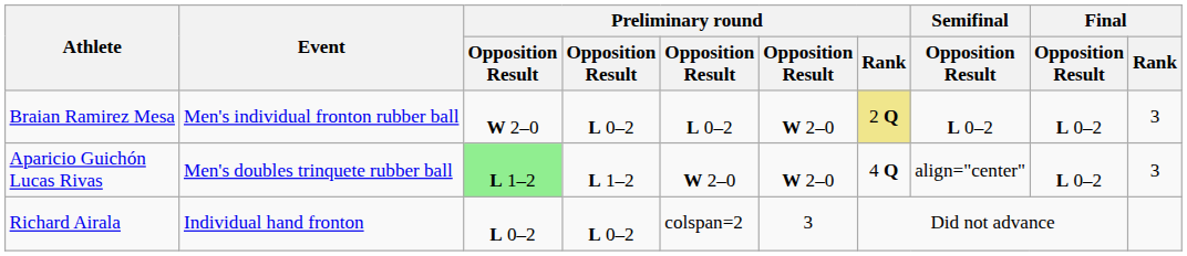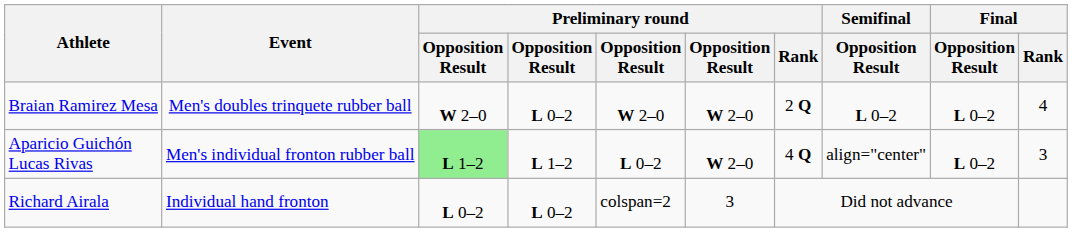 <table class="wikitable" style="font-size:90%">
 <tr>
 <th rowspan="2">Athlete</th>
 <th rowspan="2">Event</th>
 <th colspan="5">Preliminary round</th>
 <th>Semifinal</th>
 <th colspan=2>Final</th>
 </tr>
 <tr>
 <th>Opposition<br>Result</th>
 <th>Opposition<br>Result</th>
 <th>Opposition<br>Result</th>
 <th>Opposition<br>Result</th>
 <th>Rank</th>
 <th>Opposition<br>Result</th>
 <th>Opposition<br>Result</th>
 <th>Rank</th>
 </tr>
 <tr style="text-align:center">
 <td align="center"><a href='#'>Braian Ramirez Mesa</a></td>
-<td><a href='#'>Men's individual fronton rubber ball</a></td>
+<td><a href='#'>Men's doubles trinquete rubber ball</a></td>
 <td align="center"><br><strong>W</strong> 2–0</td>
 <td align="center"><br><strong>L</strong> 0–2</td>
-<td align="center"><br><strong>L</strong> 0–2</td>
 <td align="center"><br><strong>W</strong> 2–0</td>
-<td style="background: khaki;">2 <strong>Q</strong></td>
+<td align="center"><br><strong>W</strong> 2–0</td>
+<td>2 <strong>Q</strong></td>
 <td align="center"><br><strong>L</strong> 0–2</td>
 <td align="center"><br><strong>L</strong> 0–2</td>
-<td>3</td>
+<td>4</td>
 </tr>
 <tr>
 <td align="left"><a href='#'>Aparicio Guichón</a> <br> <a href='#'>Lucas Rivas</a></td>
-<td><a href='#'>Men's doubles trinquete rubber ball</a></td>
+<td><a href='#'>Men's individual fronton rubber ball</a></td>
 <td align="center" style="background: lightgreen;"><br><strong>L</strong> 1–2</td>
 <td align="center"><br><strong>L</strong> 1–2</td>
-<td align="center"><br><strong>W</strong> 2–0</td>
+<td align="center"><br><strong>L</strong> 0–2</td>
 <td align="center"><br><strong>W</strong> 2–0</td>
 <td align="center">4 <strong>Q</strong></td>
 <td>align="center" </td>
 <td align="center"><br><strong>L</strong> 0–2</td>
 <td align="center">3</td>
 </tr>
 <tr>
 <td align="left"><a href='#'>Richard Airala</a></td>
 <td><a href='#'>Individual hand fronton</a></td>
 <td align="center"><br><strong>L</strong> 0–2</td>
 <td align="center"><br><strong>L</strong> 0–2</td>
 <td>colspan=2 </td>
 <td align="center">3</td>
 <td align="center" colspan=3>Did not advance</td>
 </tr>
 </table>
